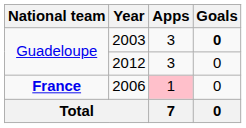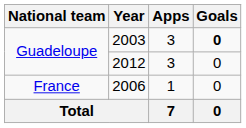 <table class="wikitable" style="text-align:center">
 <tr>
 <th>National team</th>
 <th>Year</th>
 <th>Apps</th>
 <th>Goals</th>
 </tr>
 <tr>
 <td rowspan="2"><a href='#'>Guadeloupe</a></td>
 <td>2003</td>
 <td>3</td>
 <td><strong>0</strong></td>
 </tr>
 <tr>
 <td>2012</td>
 <td>3</td>
 <td>0</td>
 </tr>
 <tr>
-<td><strong><a href='#'>France</a></strong></td>
+<td><a href='#'>France</a></td>
 <td>2006</td>
-<td style="background: pink;">1</td>
+<td>1</td>
 <td>0</td>
 </tr>
 <tr>
 <th colspan="2">Total</th>
 <th>7</th>
 <th>0</th>
 </tr>
 </table>
